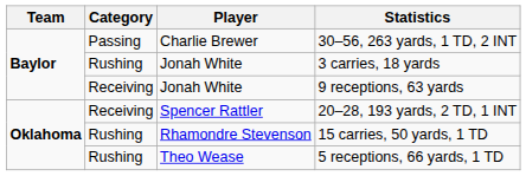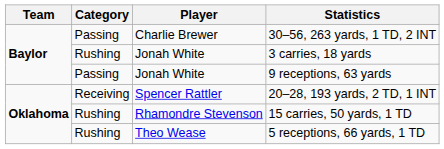 <table class="wikitable" style="float: right;">
 <tr>
 <th>Team</th>
 <th>Category</th>
 <th>Player</th>
 <th>Statistics</th>
 </tr>
 <tr>
 <td rowspan=3><strong>Baylor</strong></td>
 <td>Passing</td>
 <td>Charlie Brewer</td>
 <td>30–56, 263 yards, 1 TD, 2 INT</td>
 </tr>
 <tr>
 <td>Rushing</td>
 <td>Jonah White</td>
 <td>3 carries, 18 yards</td>
 </tr>
 <tr>
-<td>Receiving</td>
+<td>Passing</td>
 <td>Jonah White</td>
 <td>9 receptions, 63 yards</td>
 </tr>
 <tr>
 <td rowspan=3><strong>Oklahoma</strong></td>
 <td>Receiving</td>
 <td><a href='#'>Spencer Rattler</a></td>
 <td>20–28, 193 yards, 2 TD, 1 INT</td>
 </tr>
 <tr>
 <td>Rushing</td>
 <td><a href='#'>Rhamondre Stevenson</a></td>
 <td>15 carries, 50 yards, 1 TD</td>
 </tr>
 <tr>
 <td>Rushing</td>
 <td><a href='#'>Theo Wease</a></td>
 <td>5 receptions, 66 yards, 1 TD</td>
 </tr>
 </table>
